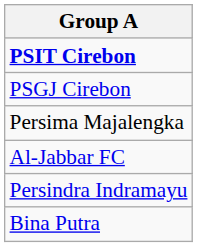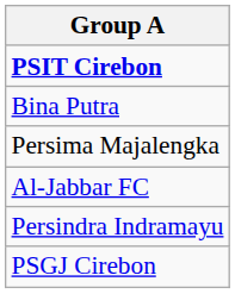 <table class="wikitable">
 <tr>
 <th><strong>Group A</strong></th>
 </tr>
 <tr>
 <td><strong><a href='#'>PSIT Cirebon</a></strong></td>
 </tr>
 <tr>
-<td><a href='#'>PSGJ Cirebon</a></td>
+<td><a href='#'>Bina Putra</a></td>
 </tr>
 <tr>
 <td>Persima Majalengka</td>
 </tr>
 <tr>
 <td><a href='#'>Al-Jabbar FC</a></td>
 </tr>
 <tr>
 <td><a href='#'>Persindra Indramayu</a></td>
 </tr>
 <tr>
-<td><a href='#'>Bina Putra</a></td>
+<td><a href='#'>PSGJ Cirebon</a></td>
 </tr>
 </table>
